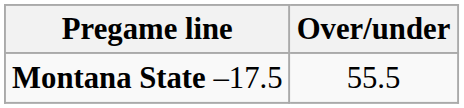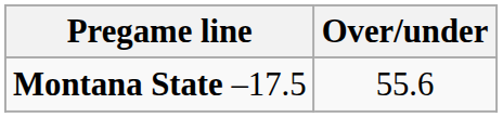 <table class="wikitable">
 <tr align="center">
 <th>Pregame line</th>
 <th>Over/under</th>
 </tr>
 <tr align="center">
 <td><strong>Montana State</strong> –17.5</td>
-<td>55.5</td>
+<td>55.6</td>
 </tr>
 </table>
